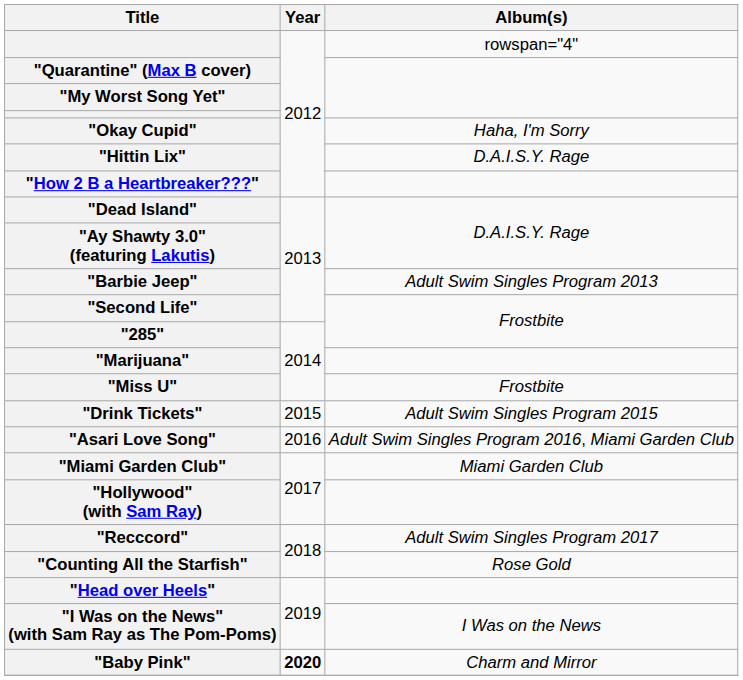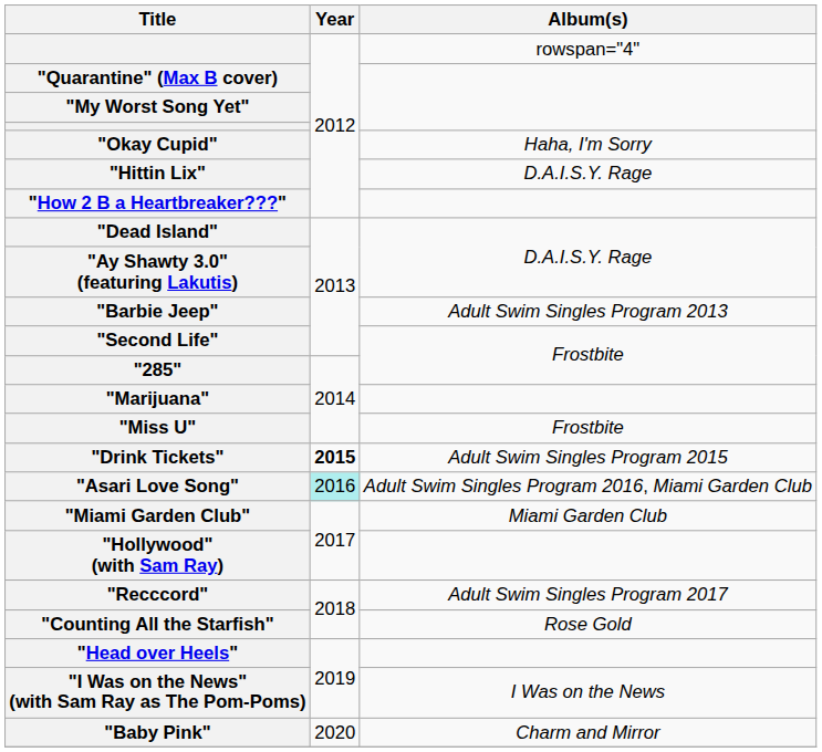 <table class="wikitable plainrowheaders" style="text-align:center">
 <tr>
 <th scope="col">Title</th>
 <th scope="col">Year</th>
 <th scope="col">Album(s)</th>
 </tr>
 <tr>
 <th scope="row"></th>
 <td rowspan="7">2012</td>
 <td>rowspan="4" </td>
 </tr>
 <tr>
 <th scope="row">"Quarantine"<span> (<a href='#'>Max B</a> cover)</span></th>
 </tr>
 <tr>
 <th scope="row">"My Worst Song Yet"</th>
 </tr>
 <tr>
 <th scope="row"></th>
 </tr>
 <tr>
 <th scope="row">"Okay Cupid"</th>
 <td><em>Haha, I'm Sorry</em></td>
 </tr>
 <tr>
 <th scope="row">"Hittin Lix"</th>
 <td><em>D.A.I.S.Y. Rage</em></td>
 </tr>
 <tr>
 <th scope="row">"<a href='#'>How 2 B a Heartbreaker???</a>"</th>
 <td></td>
 </tr>
 <tr>
 <th scope="row">"Dead Island"</th>
 <td rowspan="4">2013</td>
 <td rowspan="2"><em>D.A.I.S.Y. Rage</em></td>
 </tr>
 <tr>
 <th scope="row">"Ay Shawty 3.0"<br><span>(featuring <a href='#'>Lakutis</a>)</span></th>
 </tr>
 <tr>
 <th scope="row">"Barbie Jeep"</th>
 <td><em>Adult Swim Singles Program 2013</em></td>
 </tr>
 <tr>
 <th scope="row">"Second Life"</th>
 <td rowspan="2"><em>Frostbite</em></td>
 </tr>
 <tr>
 <th scope="row">"285"</th>
 <td rowspan="3">2014</td>
 </tr>
 <tr>
 <th scope="row">"Marijuana"</th>
 <td></td>
 </tr>
 <tr>
 <th scope="row">"Miss U"</th>
 <td><em>Frostbite</em></td>
 </tr>
 <tr>
 <th scope="row">"Drink Tickets"</th>
-<td>2015</td>
+<td><strong>2015</strong></td>
 <td><em>Adult Swim Singles Program 2015</em></td>
 </tr>
 <tr>
 <th scope="row">"Asari Love Song"</th>
-<td>2016</td>
+<td style="background: paleturquoise;">2016</td>
 <td><em>Adult Swim Singles Program 2016</em>, <em>Miami Garden Club</em></td>
 </tr>
 <tr>
 <th scope="row">"Miami Garden Club"</th>
 <td rowspan="2">2017</td>
 <td><em>Miami Garden Club</em></td>
 </tr>
 <tr>
 <th scope="row">"Hollywood"<br><span>(with <a href='#'>Sam Ray</a>)</span></th>
 <td></td>
 </tr>
 <tr>
 <th scope="row">"Recccord"</th>
 <td rowspan="2">2018</td>
 <td><em>Adult Swim Singles Program 2017</em></td>
 </tr>
 <tr>
 <th scope="row">"Counting All the Starfish"</th>
 <td><em>Rose Gold</em></td>
 </tr>
 <tr>
 <th scope="row">"<a href='#'>Head over Heels</a>"</th>
 <td rowspan="2">2019</td>
 <td></td>
 </tr>
 <tr>
 <th scope="row">"I Was on the News"<br><span>(with Sam Ray as The Pom-Poms)</span></th>
 <td><em>I Was on the News</em></td>
 </tr>
 <tr>
 <th scope="row">"Baby Pink"</th>
-<td><strong>2020</strong></td>
+<td>2020</td>
 <td><em>Charm and Mirror</em></td>
 </tr>
 <tr>
 </tr>
 </table>
